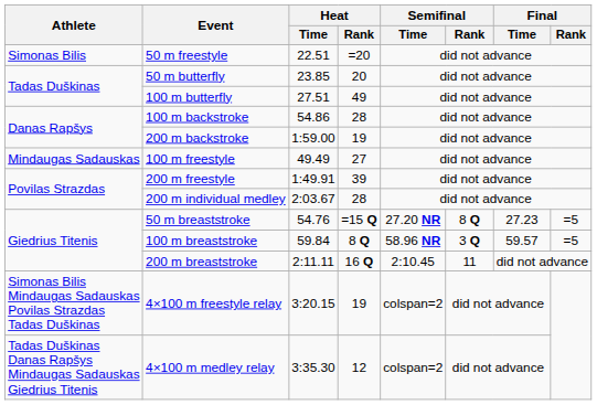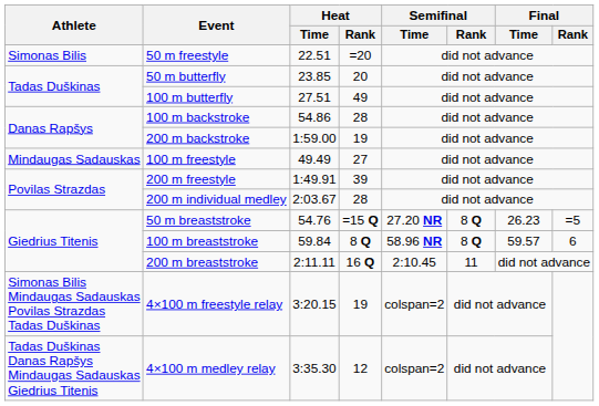 <table class=wikitable style="font-size:90%">
 <tr>
 <th rowspan="2">Athlete</th>
 <th rowspan="2">Event</th>
 <th colspan="2">Heat</th>
 <th colspan="2">Semifinal</th>
 <th colspan="2">Final</th>
 </tr>
 <tr style="font-size:95%">
 <th>Time</th>
 <th>Rank</th>
 <th>Time</th>
 <th>Rank</th>
 <th>Time</th>
 <th>Rank</th>
 </tr>
 <tr align=center>
 <td align=left><a href='#'>Simonas Bilis</a></td>
 <td align=left><a href='#'>50 m freestyle</a></td>
 <td>22.51</td>
 <td>=20</td>
 <td colspan=4>did not advance</td>
 </tr>
 <tr align=center>
 <td align=left rowspan=2><a href='#'>Tadas Duškinas</a></td>
 <td align=left><a href='#'>50 m butterfly</a></td>
 <td>23.85</td>
 <td>20</td>
 <td colspan=4>did not advance</td>
 </tr>
 <tr align=center>
 <td align=left><a href='#'>100 m butterfly</a></td>
 <td>27.51</td>
 <td>49</td>
 <td colspan=4>did not advance</td>
 </tr>
 <tr align=center>
 <td align=left rowspan=2><a href='#'>Danas Rapšys</a></td>
 <td align=left><a href='#'>100 m backstroke</a></td>
 <td>54.86</td>
 <td>28</td>
 <td colspan=4>did not advance</td>
 </tr>
 <tr align=center>
 <td align=left><a href='#'>200 m backstroke</a></td>
 <td>1:59.00</td>
 <td>19</td>
 <td colspan=4>did not advance</td>
 </tr>
 <tr align=center>
 <td align=left><a href='#'>Mindaugas Sadauskas</a></td>
 <td align=left><a href='#'>100 m freestyle</a></td>
 <td>49.49</td>
 <td>27</td>
 <td colspan=4>did not advance</td>
 </tr>
 <tr align=center>
 <td align=left rowspan=2><a href='#'>Povilas Strazdas</a></td>
 <td align=left><a href='#'>200 m freestyle</a></td>
 <td>1:49.91</td>
 <td>39</td>
 <td colspan=4>did not advance</td>
 </tr>
 <tr align=center>
 <td align=left><a href='#'>200 m individual medley</a></td>
 <td>2:03.67</td>
 <td>28</td>
 <td colspan=4>did not advance</td>
 </tr>
 <tr align=center>
 <td align=left rowspan=3><a href='#'>Giedrius Titenis</a></td>
 <td align=left><a href='#'>50 m breaststroke</a></td>
 <td>54.76</td>
 <td>=15 <strong>Q</strong></td>
 <td>27.20 <strong><a href='#'>NR</a></strong></td>
 <td>8 <strong>Q</strong></td>
-<td>27.23</td>
+<td>26.23</td>
 <td>=5</td>
 </tr>
 <tr align=center>
 <td align=left><a href='#'>100 m breaststroke</a></td>
 <td>59.84</td>
 <td>8 <strong>Q</strong></td>
 <td>58.96 <strong><a href='#'>NR</a></strong></td>
-<td>3 <strong>Q</strong></td>
+<td>8 <strong>Q</strong></td>
 <td>59.57</td>
-<td>=5</td>
+<td>6</td>
 </tr>
 <tr align=center>
 <td align=left><a href='#'>200 m breaststroke</a></td>
 <td>2:11.11</td>
 <td>16 <strong>Q</strong></td>
 <td>2:10.45</td>
 <td>11</td>
 <td colspan=2>did not advance</td>
 </tr>
 <tr align=center>
 <td align=left><a href='#'>Simonas Bilis</a><br><a href='#'>Mindaugas Sadauskas</a><br><a href='#'>Povilas Strazdas</a><br><a href='#'>Tadas Duškinas</a></td>
 <td align=left><a href='#'>4×100 m freestyle relay</a></td>
 <td>3:20.15</td>
 <td>19</td>
 <td>colspan=2 </td>
 <td colspan=2>did not advance</td>
 </tr>
 <tr align=center>
 <td align=left><a href='#'>Tadas Duškinas</a><br><a href='#'>Danas Rapšys</a><br><a href='#'>Mindaugas Sadauskas</a><br><a href='#'>Giedrius Titenis</a></td>
 <td align=left><a href='#'>4×100 m medley relay</a></td>
 <td>3:35.30</td>
 <td>12</td>
 <td>colspan=2 </td>
 <td colspan=2>did not advance</td>
 </tr>
 </table>
